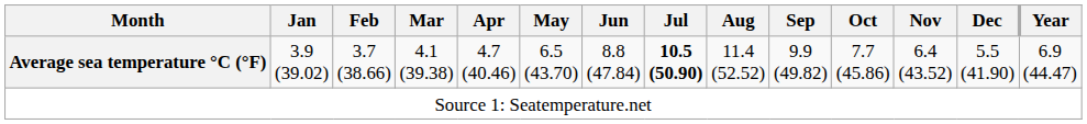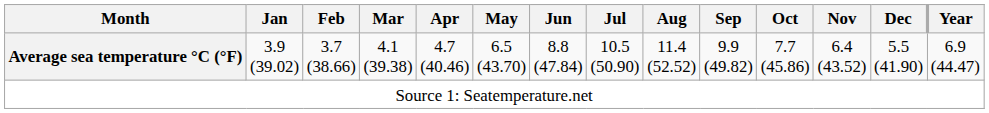 <table class="wikitable" style="text-align:center;line-height:1.2em;">
 <tr>
 <th>Month</th>
 <th>Jan</th>
 <th>Feb</th>
 <th>Mar</th>
 <th>Apr</th>
 <th>May</th>
 <th>Jun</th>
 <th>Jul</th>
 <th>Aug</th>
 <th>Sep</th>
 <th>Oct</th>
 <th>Nov</th>
 <th>Dec</th>
 <th style="border-left-width:medium">Year</th>
 </tr>
 <tr>
 <th>Average sea temperature °C (°F)</th>
 <td>3.9<br>(39.02)</td>
 <td>3.7<br>(38.66)</td>
 <td>4.1<br>(39.38)</td>
 <td>4.7<br>(40.46)</td>
 <td>6.5<br>(43.70)</td>
 <td>8.8<br>(47.84)</td>
-<td><strong>10.5<br>(50.90)</strong></td>
+<td>10.5<br>(50.90)</td>
 <td>11.4<br>(52.52)</td>
 <td>9.9<br>(49.82)</td>
 <td>7.7<br>(45.86)</td>
 <td>6.4<br>(43.52)</td>
 <td>5.5<br>(41.90)</td>
 <td>6.9<br>(44.47)</td>
 </tr>
 <tr>
 <th Colspan=14 style="background:#ffffff;font-weight:normal;font-size:100%;">Source 1: Seatemperature.net</th>
 </tr>
 </table>
